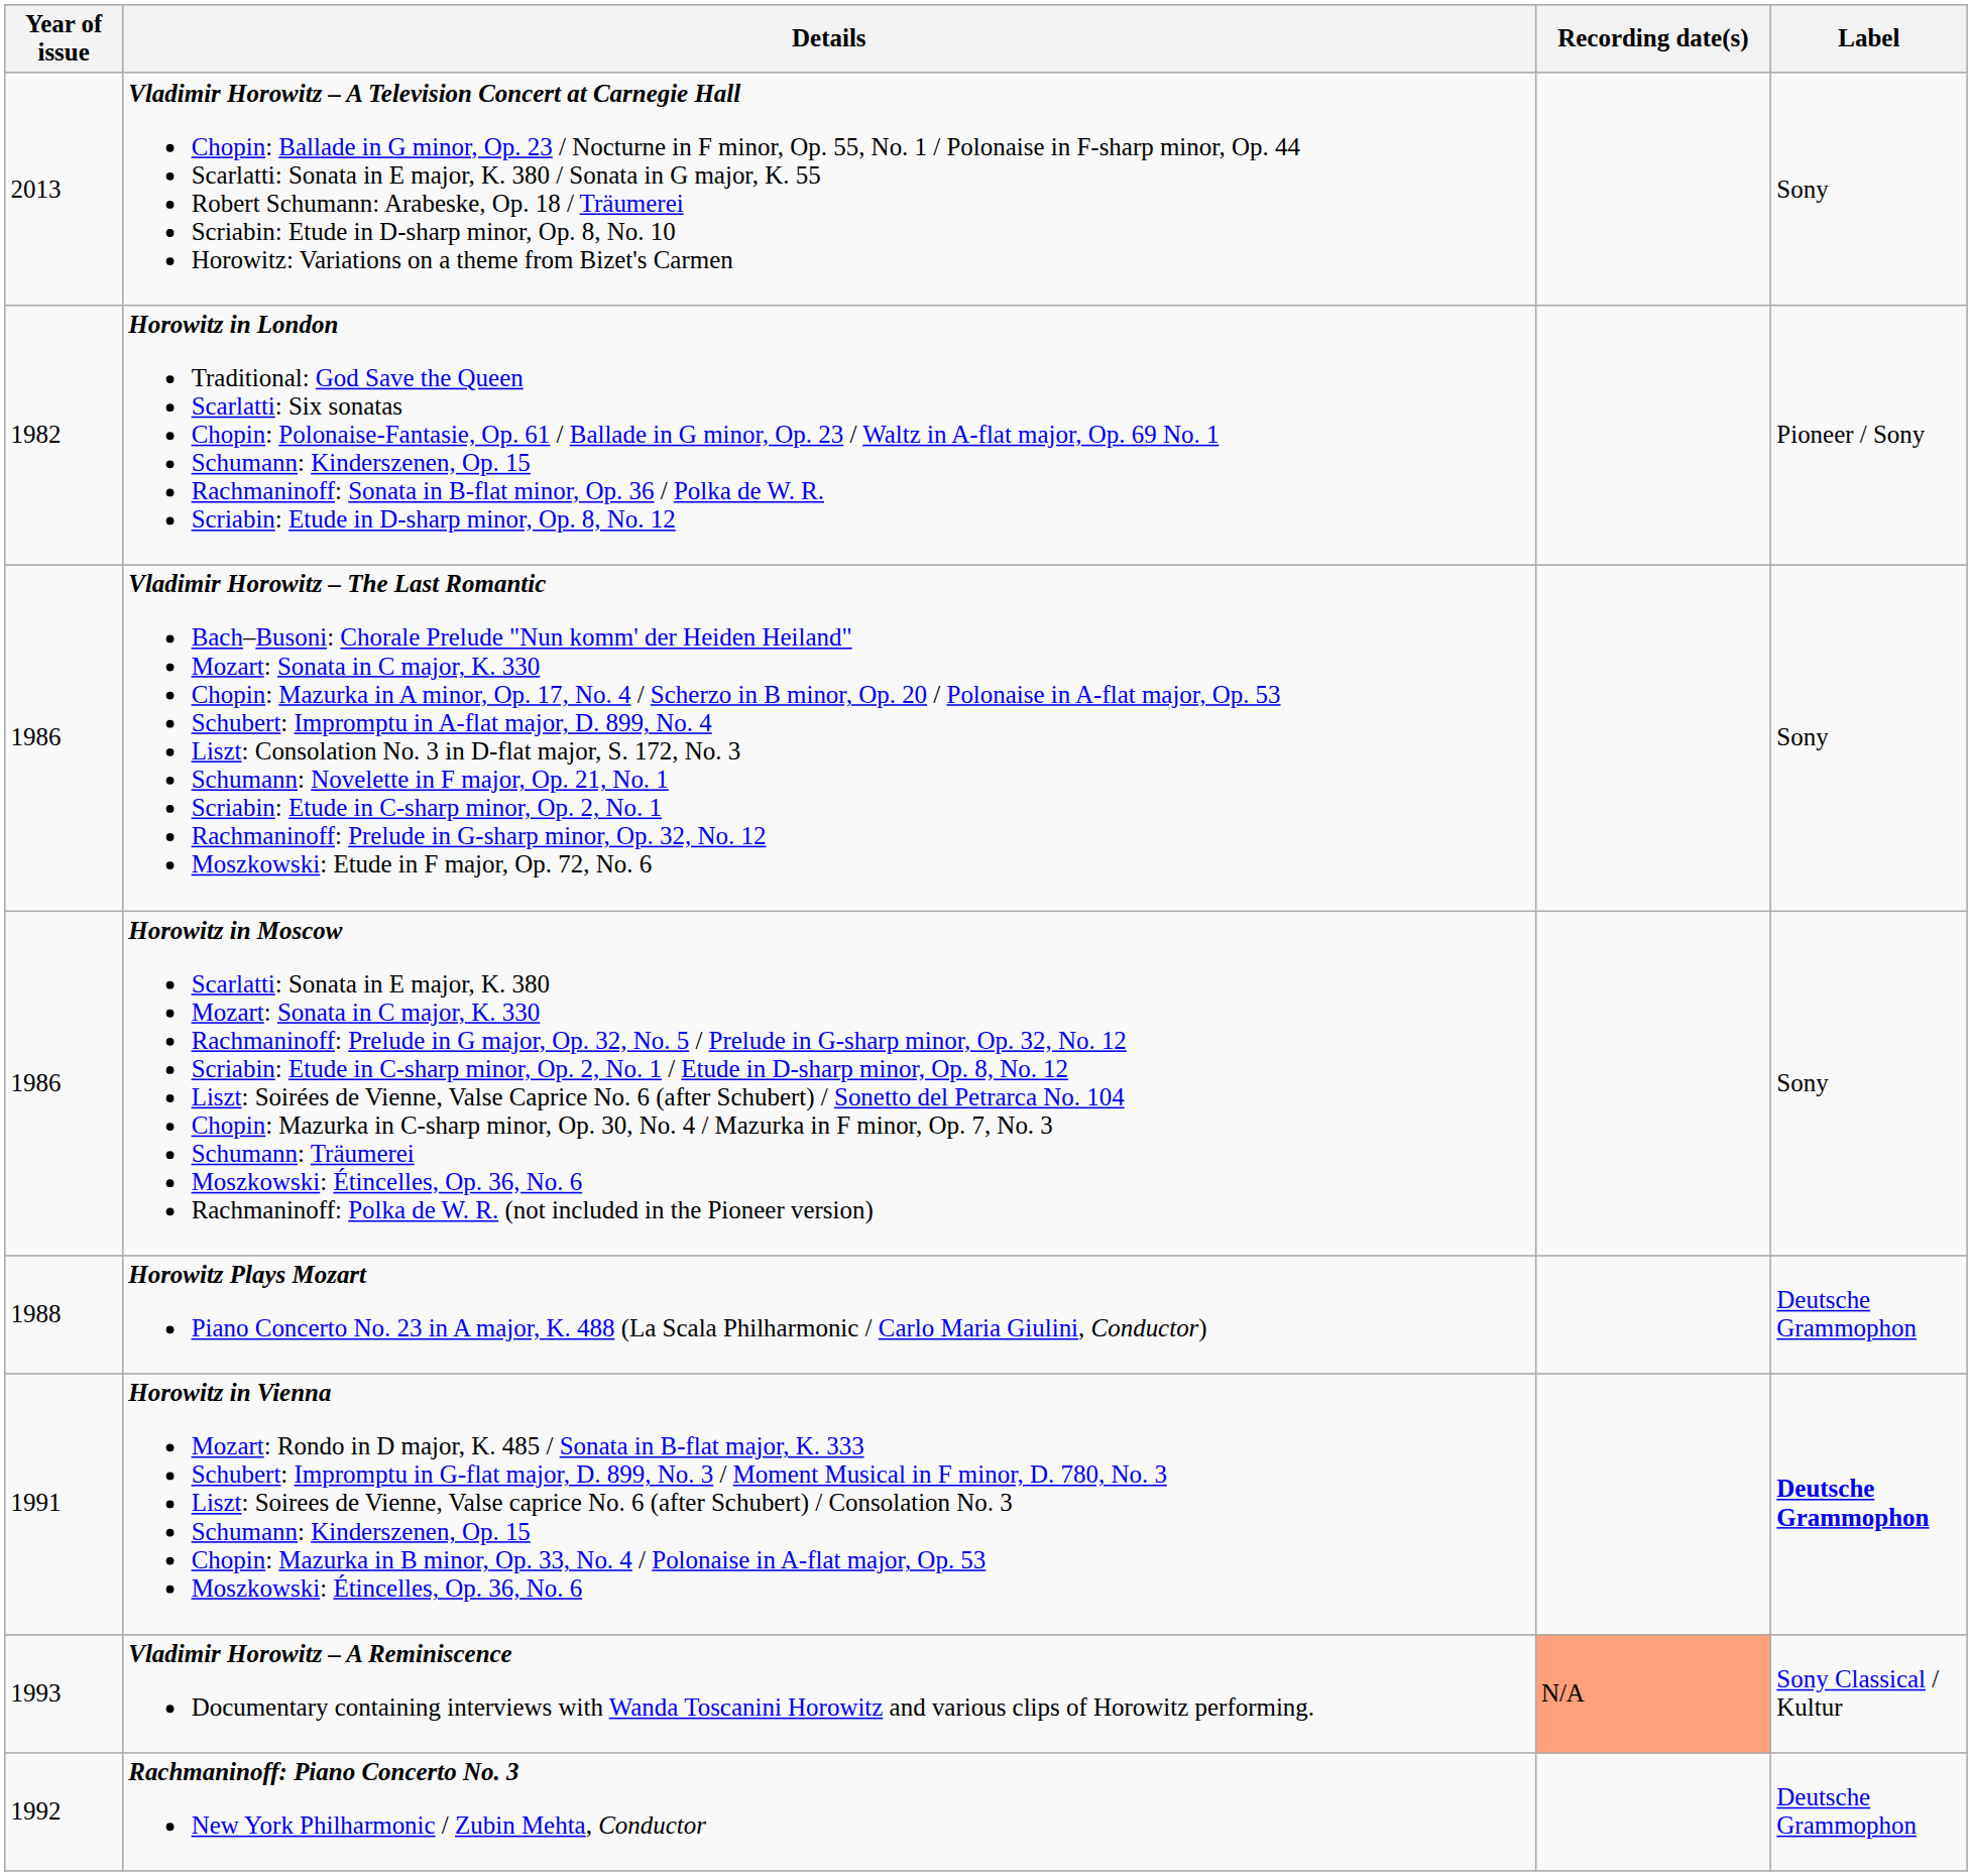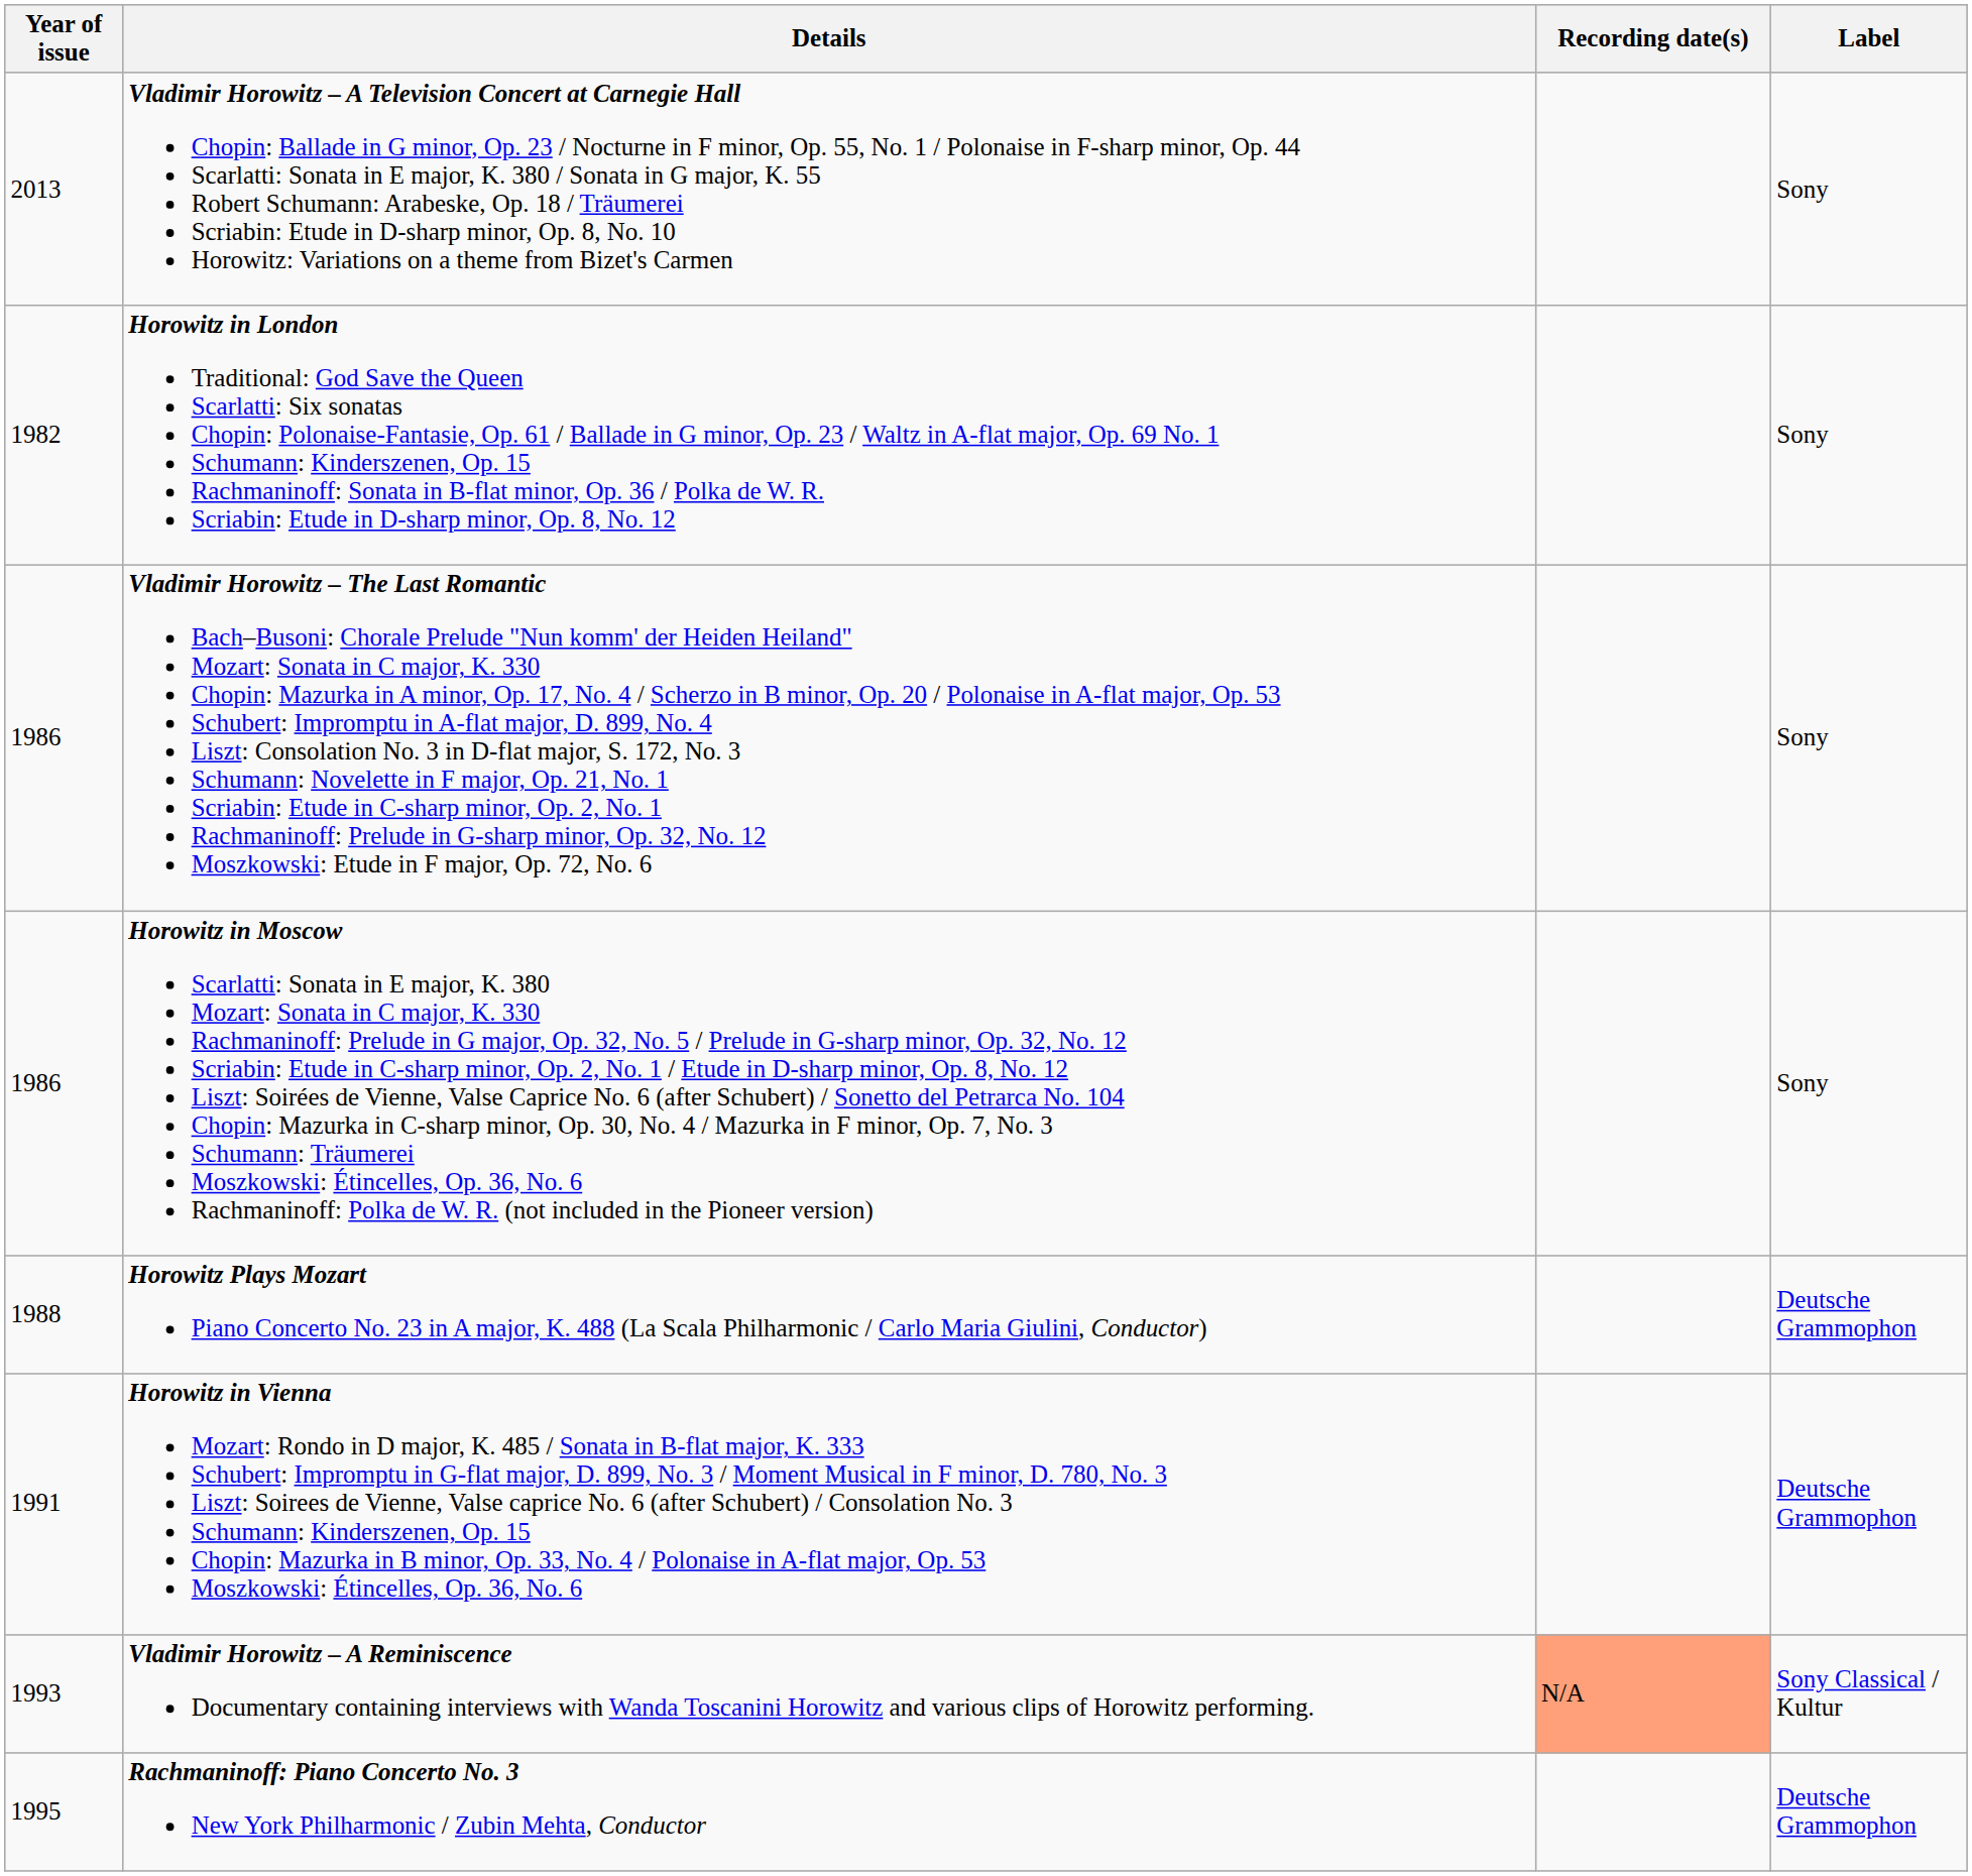 <table class="wikitable sortable">
 <tr>
 <th style="width:6%;">Year of issue</th>
 <th style="width:72%;">Details</th>
 <th style="width:12%;">Recording date(s)</th>
 <th style="width:10%;">Label</th>
 </tr>
 <tr>
 <td>2013</td>
 <td><strong><em>Vladimir Horowitz – A Television Concert at Carnegie Hall</em></strong><br><ul><li><a href='#'>Chopin</a>:  <a href='#'>Ballade in G minor, Op. 23</a> / Nocturne in F minor, Op. 55, No. 1 / Polonaise in F-sharp minor, Op. 44</li><li>Scarlatti: Sonata in E major, K. 380 / Sonata in G major, K. 55</li><li>Robert Schumann: Arabeske, Op. 18 / <a href='#'>Träumerei</a></li><li>Scriabin: Etude in D-sharp minor, Op. 8, No. 10</li><li>Horowitz: Variations on a theme from Bizet's Carmen</li></ul></td>
 <td></td>
 <td>Sony</td>
 </tr>
 <tr>
 <td>1982</td>
 <td><strong><em>Horowitz in London</em></strong><br><ul><li>Traditional: <a href='#'>God Save the Queen</a></li><li><a href='#'>Scarlatti</a>: Six sonatas</li><li><a href='#'>Chopin</a>: <a href='#'>Polonaise-Fantasie, Op. 61</a> / <a href='#'>Ballade in G minor, Op. 23</a> / <a href='#'>Waltz in A-flat major, Op. 69 No. 1</a></li><li><a href='#'>Schumann</a>: <a href='#'>Kinderszenen, Op. 15</a></li><li><a href='#'>Rachmaninoff</a>: <a href='#'>Sonata in B-flat minor, Op. 36</a> / <a href='#'>Polka de W. R.</a></li><li><a href='#'>Scriabin</a>: <a href='#'>Etude in D-sharp minor, Op. 8, No. 12</a></li></ul></td>
 <td></td>
-<td>Pioneer / Sony</td>
+<td>Sony</td>
 </tr>
 <tr>
 <td>1986</td>
 <td><strong><em>Vladimir Horowitz – The Last Romantic</em></strong><br><ul><li><a href='#'>Bach</a>–<a href='#'>Busoni</a>: <a href='#'>Chorale Prelude "Nun komm' der Heiden Heiland"</a></li><li><a href='#'>Mozart</a>: <a href='#'>Sonata in C major, K. 330</a></li><li><a href='#'>Chopin</a>: <a href='#'>Mazurka in A minor, Op. 17, No. 4</a> / <a href='#'>Scherzo in B minor, Op. 20</a> / <a href='#'>Polonaise in A-flat major, Op. 53</a></li><li><a href='#'>Schubert</a>: <a href='#'>Impromptu in A-flat major, D. 899, No. 4</a></li><li><a href='#'>Liszt</a>: Consolation No. 3 in D-flat major, S. 172, No. 3</li><li><a href='#'>Schumann</a>: <a href='#'>Novelette in F major, Op. 21, No. 1</a></li><li><a href='#'>Scriabin</a>: <a href='#'>Etude in C-sharp minor, Op. 2, No. 1</a></li><li><a href='#'>Rachmaninoff</a>: <a href='#'>Prelude in G-sharp minor, Op. 32, No. 12</a></li><li><a href='#'>Moszkowski</a>: Etude in F major, Op. 72, No. 6</li></ul></td>
 <td></td>
 <td>Sony</td>
 </tr>
 <tr>
 <td>1986</td>
 <td><strong><em>Horowitz in Moscow</em></strong><br><ul><li><a href='#'>Scarlatti</a>: Sonata in E major, K. 380</li><li><a href='#'>Mozart</a>: <a href='#'>Sonata in C major, K. 330</a></li><li><a href='#'>Rachmaninoff</a>: <a href='#'>Prelude in G major, Op. 32, No. 5</a> / <a href='#'>Prelude in G-sharp minor, Op. 32, No. 12</a></li><li><a href='#'>Scriabin</a>: <a href='#'>Etude in C-sharp minor, Op. 2, No. 1</a> / <a href='#'>Etude in D-sharp minor, Op. 8, No. 12</a></li><li><a href='#'>Liszt</a>: Soirées de Vienne, Valse Caprice No. 6 (after Schubert) / <a href='#'>Sonetto del Petrarca No. 104</a></li><li><a href='#'>Chopin</a>: Mazurka in C-sharp minor, Op. 30, No. 4 / Mazurka in F minor, Op. 7, No. 3</li><li><a href='#'>Schumann</a>: <a href='#'>Träumerei</a></li><li><a href='#'>Moszkowski</a>: <a href='#'>Étincelles, Op. 36, No. 6</a></li><li>Rachmaninoff: <a href='#'>Polka de W. R.</a> (not included in the Pioneer version)</li></ul></td>
 <td></td>
 <td>Sony</td>
 </tr>
 <tr>
 <td>1988</td>
 <td><strong><em>Horowitz Plays Mozart</em></strong><br><ul><li><a href='#'>Piano Concerto No. 23 in A major, K. 488</a> (La Scala Philharmonic / <a href='#'>Carlo Maria Giulini</a>, <em>Conductor</em>)</li></ul></td>
 <td></td>
 <td><a href='#'>Deutsche Grammophon</a></td>
 </tr>
 <tr>
 <td>1991</td>
 <td><strong><em>Horowitz in Vienna</em></strong><br><ul><li><a href='#'>Mozart</a>: Rondo in D major, K. 485 / <a href='#'>Sonata in B-flat major, K. 333</a></li><li><a href='#'>Schubert</a>: <a href='#'>Impromptu in G-flat major, D. 899, No. 3</a> / <a href='#'>Moment Musical in F minor, D. 780, No. 3</a></li><li><a href='#'>Liszt</a>: Soirees de Vienne, Valse caprice No. 6 (after Schubert) / Consolation No. 3</li><li><a href='#'>Schumann</a>: <a href='#'>Kinderszenen, Op. 15</a></li><li><a href='#'>Chopin</a>: <a href='#'>Mazurka in B minor, Op. 33, No. 4</a> / <a href='#'>Polonaise in A-flat major, Op. 53</a></li><li><a href='#'>Moszkowski</a>: <a href='#'>Étincelles, Op. 36, No. 6</a></li></ul></td>
 <td></td>
-<td><strong><a href='#'>Deutsche Grammophon</a></strong></td>
+<td><a href='#'>Deutsche Grammophon</a></td>
 </tr>
 <tr>
 <td>1993</td>
 <td><strong><em>Vladimir Horowitz – A Reminiscence</em></strong><br><ul><li>Documentary containing interviews with <a href='#'>Wanda Toscanini Horowitz</a> and various clips of Horowitz performing.</li></ul></td>
 <td style="background: lightsalmon;">N/A</td>
 <td><a href='#'>Sony Classical</a> / Kultur</td>
 </tr>
 <tr>
-<td>1992</td>
+<td>1995</td>
 <td><strong><em>Rachmaninoff: Piano Concerto No. 3</em></strong><br><ul><li><a href='#'>New York Philharmonic</a> / <a href='#'>Zubin Mehta</a>, <em>Conductor</em></li></ul></td>
 <td></td>
 <td><a href='#'>Deutsche Grammophon</a></td>
 </tr>
 </table>
